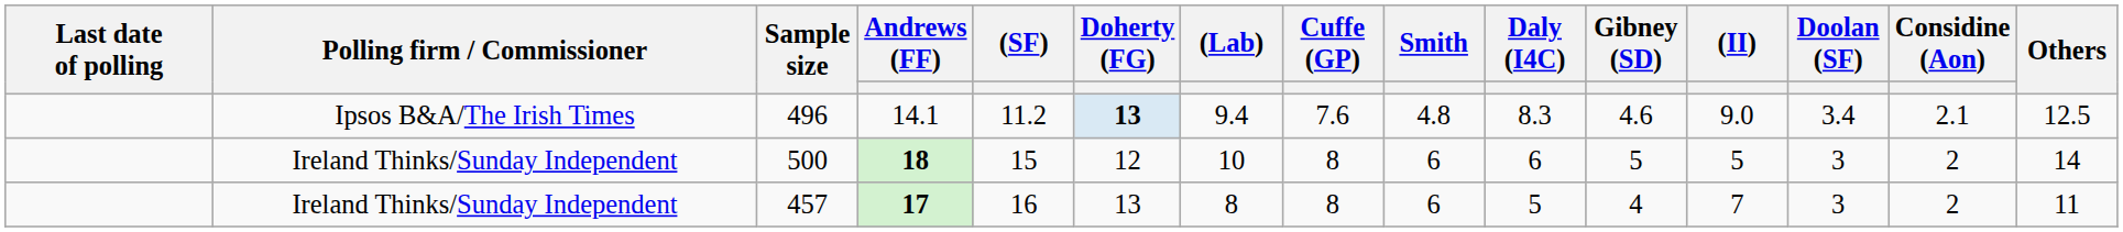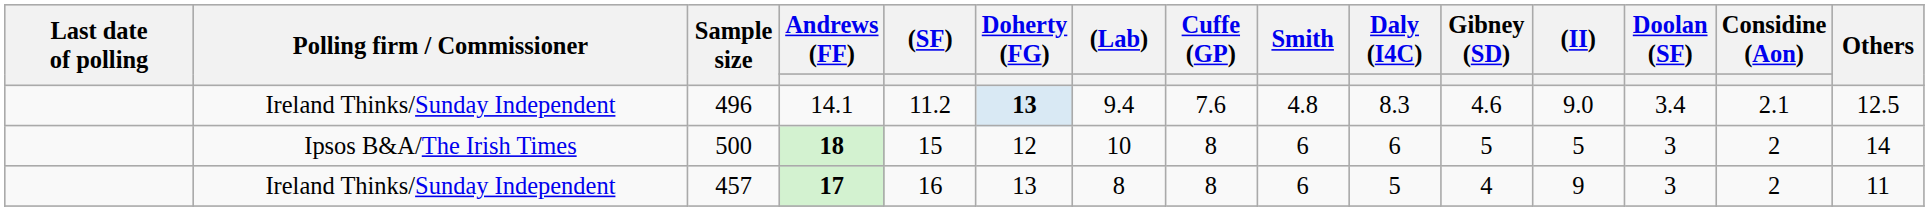 <table class="wikitable sortable collapsible" style="text-align:center;font-size:95%;">
 <tr style="height:42px;">
 <th style="width:110px;" rowspan="2">Last date<br>of polling</th>
 <th style="width:300px;" rowspan="2">Polling firm / Commissioner</th>
 <th class="unsortable" style="width:50px;" rowspan="2">Sample<br>size</th>
 <th class="unsortable" style="width:50px;"><a href='#'>Andrews</a> (<a href='#'>FF</a>)</th>
 <th class="unsortable" style="width:50px;"> (<a href='#'>SF</a>)</th>
 <th class="unsortable" style="width:50px;"><a href='#'>Doherty</a> (<a href='#'>FG</a>)</th>
 <th class="unsortable" style="width:50px;"> (<a href='#'>Lab</a>)</th>
 <th class="unsortable" style="width:50px;"><a href='#'>Cuffe</a> (<a href='#'>GP</a>)</th>
 <th class="unsortable" style="width:50px;"><a href='#'>Smith</a> </th>
 <th class="unsortable" style="width:50px;"><a href='#'>Daly</a> (<a href='#'>I4C</a>)</th>
 <th class="unsortable" style="width:50px;">Gibney (<a href='#'>SD</a>)</th>
 <th class="unsortable" style="width:50px;"> (<a href='#'>II</a>)</th>
 <th class="unsortable" style="width:50px;"><a href='#'>Doolan</a> (<a href='#'>SF</a>)</th>
 <th class="unsortable" style="width:50px;">Considine (<a href='#'>Aon</a>)</th>
 <th class="unsortable" style="width:50px;" rowspan="2">Others</th>
 </tr>
 <tr>
 <th style="color:inherit;background:"></th>
 <th style="color:inherit;background:"></th>
 <th style="color:inherit;background:"></th>
 <th style="color:inherit;background:"></th>
 <th style="color:inherit;background:"></th>
 <th style="color:inherit;background:"></th>
 <th style="color:inherit;background:"></th>
 <th style="color:inherit;background:"></th>
 <th style="color:inherit;background:"></th>
 <th style="color:inherit;background:"></th>
 <th style="color:inherit;background:"></th>
 </tr>
 <tr>
 <td></td>
-<td data-sort-value="Ipsos1">Ipsos B&A/<a href='#'>The Irish Times</a></td>
+<td data-sort-value="Ireland Thinks">Ireland Thinks/<a href='#'>Sunday Independent</a></td>
 <td>496</td>
 <td>14.1</td>
 <td>11.2</td>
 <td style="background:#D9E9F4"><strong>13</strong></td>
 <td>9.4</td>
 <td>7.6</td>
 <td>4.8</td>
 <td>8.3</td>
 <td>4.6</td>
 <td>9.0</td>
 <td>3.4</td>
 <td>2.1</td>
 <td>12.5</td>
 </tr>
 <tr>
 <td></td>
-<td data-sort-value="Ireland Thinks">Ireland Thinks/<a href='#'>Sunday Independent</a></td>
+<td data-sort-value="Ipsos1">Ipsos B&A/<a href='#'>The Irish Times</a></td>
 <td>500</td>
 <td style="background:#D3F2D0"><strong>18</strong></td>
 <td>15</td>
 <td>12</td>
 <td>10</td>
 <td>8</td>
 <td>6</td>
 <td>6</td>
 <td>5</td>
 <td>5</td>
 <td>3</td>
 <td>2</td>
 <td>14</td>
 </tr>
 <tr>
 <td></td>
 <td data-sort-value="Ireland Thinks">Ireland Thinks/<a href='#'>Sunday Independent</a></td>
 <td>457</td>
 <td style="background:#D3F2D0"><strong>17</strong></td>
 <td>16</td>
 <td>13</td>
 <td>8</td>
 <td>8</td>
 <td>6</td>
 <td>5</td>
 <td>4</td>
-<td>7</td>
+<td>9</td>
 <td>3</td>
 <td>2</td>
 <td>11</td>
 </tr>
 </table>
